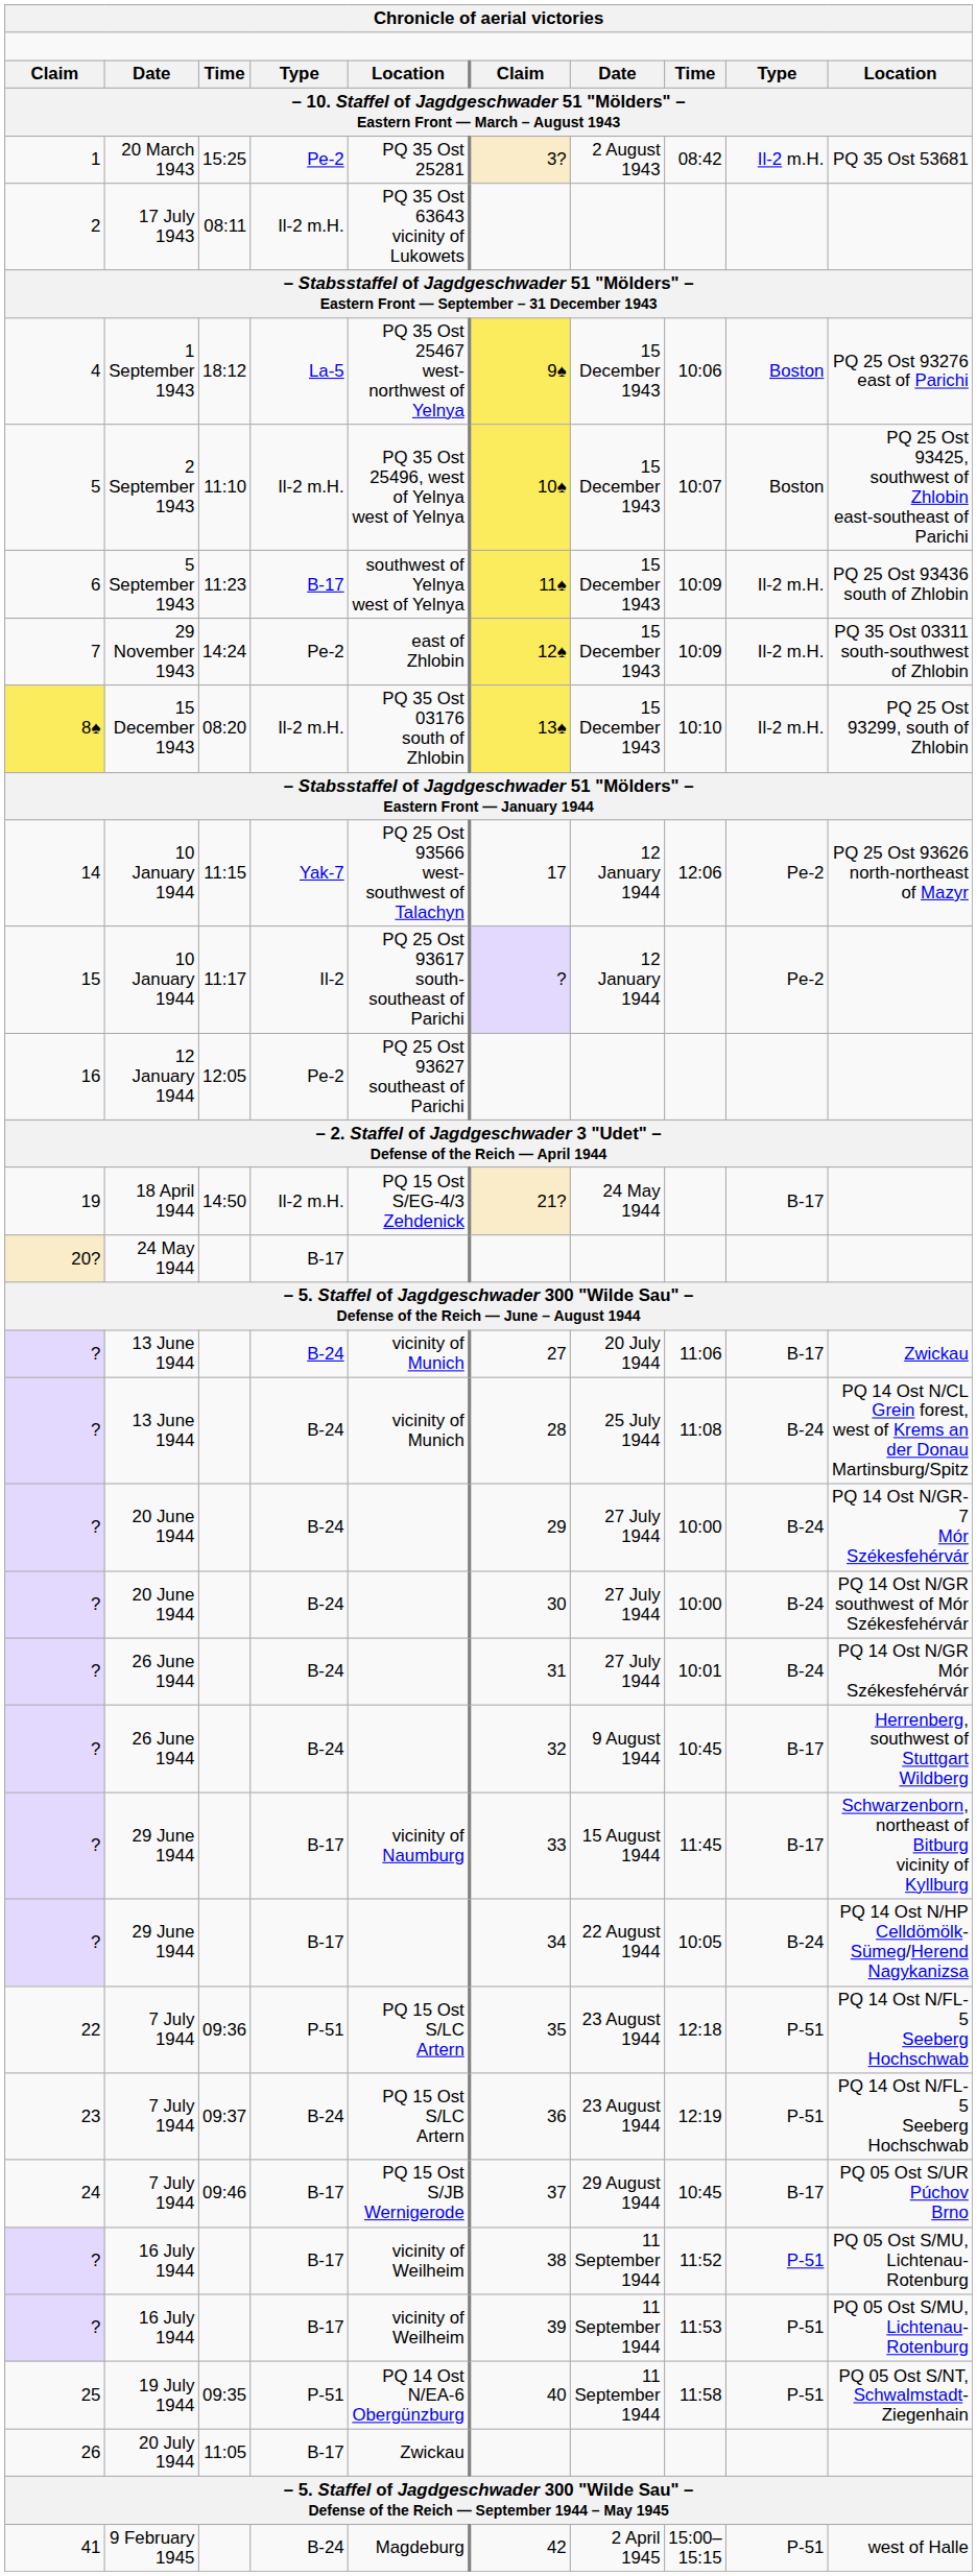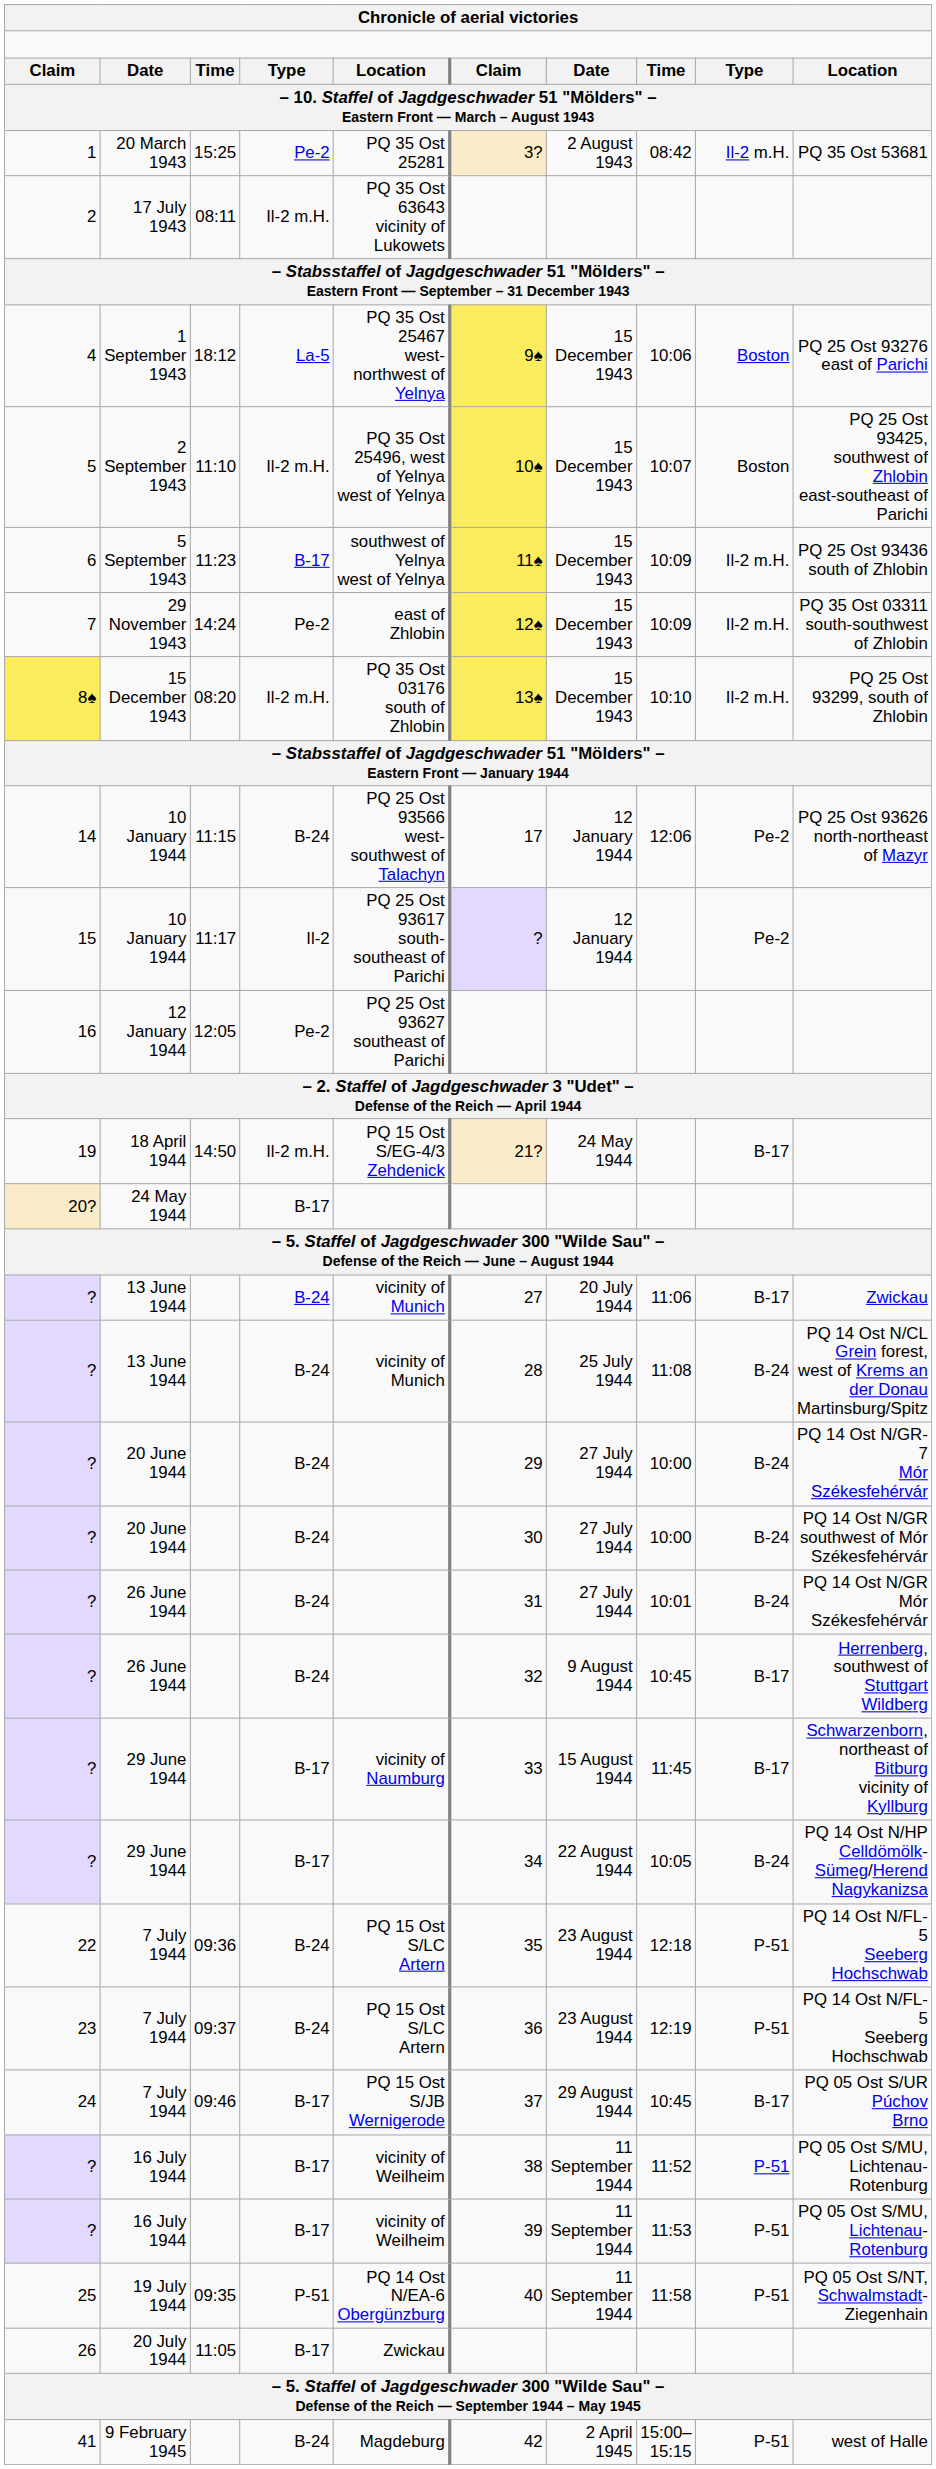 <table class="wikitable plainrowheaders collapsible" style="margin-left: auto; margin-right: auto; border: none; text-align:right; width: 100%;">
 <tr>
 <th colspan="10">Chronicle of aerial victories</th>
 </tr>
 <tr>
 <td colspan="10" style="text-align: left;"><br> </td>
 </tr>
 <tr>
 <th scope="col" width="100px">Claim</th>
 <th scope="col">Date</th>
 <th scope="col">Time</th>
 <th scope="col" width="100px">Type</th>
 <th scope="col">Location</th>
 <th scope="col" style="border-left: 3px solid grey;" width="100px">Claim</th>
 <th scope="col">Date</th>
 <th scope="col">Time</th>
 <th scope="col" width="100px">Type</th>
 <th scope="col">Location</th>
 </tr>
 <tr>
 <th colspan="10">– 10. <em>Staffel</em> of <em>Jagdgeschwader</em> 51 "Mölders" –<br><small>Eastern Front — March – August 1943</small></th>
 </tr>
 <tr>
 <td>1</td>
 <td>20 March 1943</td>
 <td>15:25</td>
 <td><a href='#'>Pe-2</a></td>
 <td>PQ 35 Ost 25281</td>
 <td style="border-left: 3px solid grey; background:#faecc8">3?</td>
 <td>2 August 1943</td>
 <td>08:42</td>
 <td><a href='#'>Il-2</a> m.H.</td>
 <td>PQ 35 Ost 53681</td>
 </tr>
 <tr>
 <td>2</td>
 <td>17 July 1943</td>
 <td>08:11</td>
 <td>Il-2 m.H.</td>
 <td>PQ 35 Ost 63643<br>vicinity of Lukowets</td>
 <td style="border-left: 3px solid grey;"></td>
 <td></td>
 <td></td>
 <td></td>
 <td></td>
 </tr>
 <tr>
 <th colspan="10">– <em>Stabsstaffel</em> of <em>Jagdgeschwader</em> 51 "Mölders" –<br><small>Eastern Front — September – 31 December 1943</small></th>
 </tr>
 <tr>
 <td>4</td>
 <td>1 September 1943</td>
 <td>18:12</td>
 <td><a href='#'>La-5</a></td>
 <td>PQ 35 Ost 25467<br> west-northwest of <a href='#'>Yelnya</a></td>
 <td style="border-left: 3px solid grey; background:#fbec5d;">9♠</td>
 <td>15 December 1943</td>
 <td>10:06</td>
 <td><a href='#'>Boston</a></td>
 <td>PQ 25 Ost 93276<br> east of <a href='#'>Parichi</a></td>
 </tr>
 <tr>
 <td>5</td>
 <td>2 September 1943</td>
 <td>11:10</td>
 <td>Il-2 m.H.</td>
 <td>PQ 35 Ost 25496, west of Yelnya<br> west of Yelnya</td>
 <td style="border-left: 3px solid grey; background:#fbec5d;">10♠</td>
 <td>15 December 1943</td>
 <td>10:07</td>
 <td>Boston</td>
 <td>PQ 25 Ost 93425, southwest of <a href='#'>Zhlobin</a><br> east-southeast of Parichi</td>
 </tr>
 <tr>
 <td>6</td>
 <td>5 September 1943</td>
 <td>11:23</td>
 <td><a href='#'>B-17</a></td>
 <td>southwest of Yelnya<br> west of Yelnya</td>
 <td style="border-left: 3px solid grey; background:#fbec5d;">11♠</td>
 <td>15 December 1943</td>
 <td>10:09</td>
 <td>Il-2 m.H.</td>
 <td>PQ 25 Ost 93436<br> south of Zhlobin</td>
 </tr>
 <tr>
 <td>7</td>
 <td>29 November 1943</td>
 <td>14:24</td>
 <td>Pe-2</td>
 <td> east of Zhlobin</td>
 <td style="border-left: 3px solid grey; background:#fbec5d;">12♠</td>
 <td>15 December 1943</td>
 <td>10:09</td>
 <td>Il-2 m.H.</td>
 <td>PQ 35 Ost 03311<br> south-southwest of Zhlobin</td>
 </tr>
 <tr>
 <td style="background:#fbec5d;">8♠</td>
 <td>15 December 1943</td>
 <td>08:20</td>
 <td>Il-2 m.H.</td>
 <td>PQ 35 Ost 03176<br> south of Zhlobin</td>
 <td style="border-left: 3px solid grey; background:#fbec5d;">13♠</td>
 <td>15 December 1943</td>
 <td>10:10</td>
 <td>Il-2 m.H.</td>
 <td>PQ 25 Ost 93299,  south of Zhlobin</td>
 </tr>
 <tr>
 <th colspan="10">– <em>Stabsstaffel</em> of <em>Jagdgeschwader</em> 51 "Mölders" –<br><small>Eastern Front — January 1944</small></th>
 </tr>
 <tr>
 <td>14</td>
 <td>10 January 1944</td>
 <td>11:15</td>
-<td><a href='#'>Yak-7</a></td>
+<td>B-24</td>
 <td>PQ 25 Ost 93566<br> west-southwest of <a href='#'>Talachyn</a></td>
 <td style="border-left: 3px solid grey;">17</td>
 <td>12 January 1944</td>
 <td>12:06</td>
 <td>Pe-2</td>
 <td>PQ 25 Ost 93626<br> north-northeast of <a href='#'>Mazyr</a></td>
 </tr>
 <tr>
 <td>15</td>
 <td>10 January 1944</td>
 <td>11:17</td>
 <td>Il-2</td>
 <td>PQ 25 Ost 93617<br> south-southeast of Parichi</td>
 <td style="border-left: 3px solid grey; background:#e3d9ff;">?</td>
 <td>12 January 1944</td>
 <td></td>
 <td>Pe-2</td>
 <td></td>
 </tr>
 <tr>
 <td>16</td>
 <td>12 January 1944</td>
 <td>12:05</td>
 <td>Pe-2</td>
 <td>PQ 25 Ost 93627<br> southeast of Parichi</td>
 <td style="border-left: 3px solid grey;"></td>
 <td></td>
 <td></td>
 <td></td>
 <td></td>
 </tr>
 <tr>
 <th colspan="10">– 2. <em>Staffel</em> of <em>Jagdgeschwader</em> 3 "Udet" –<br><small>Defense of the Reich — April 1944</small></th>
 </tr>
 <tr>
 <td>19</td>
 <td>18 April 1944</td>
 <td>14:50</td>
 <td>Il-2 m.H.</td>
 <td>PQ 15 Ost S/EG-4/3<br><a href='#'>Zehdenick</a></td>
 <td style="border-left: 3px solid grey; background:#faecc8">21?</td>
 <td>24 May 1944</td>
 <td></td>
 <td>B-17</td>
 <td></td>
 </tr>
 <tr>
 <td style="background:#faecc8">20?</td>
 <td>24 May 1944</td>
 <td></td>
 <td>B-17</td>
 <td></td>
 <td style="border-left: 3px solid grey;"></td>
 <td></td>
 <td></td>
 <td></td>
 <td></td>
 </tr>
 <tr>
 <th colspan="10">– 5. <em>Staffel</em> of <em>Jagdgeschwader</em> 300 "Wilde Sau" –<br><small>Defense of the Reich — June – August 1944</small></th>
 </tr>
 <tr>
 <td style="background:#e3d9ff;">?</td>
 <td>13 June 1944</td>
 <td></td>
 <td><a href='#'>B-24</a></td>
 <td>vicinity of <a href='#'>Munich</a></td>
 <td style="border-left: 3px solid grey;">27</td>
 <td>20 July 1944</td>
 <td>11:06</td>
 <td>B-17</td>
 <td><a href='#'>Zwickau</a></td>
 </tr>
 <tr>
 <td style="background:#e3d9ff;">?</td>
 <td>13 June 1944</td>
 <td></td>
 <td>B-24</td>
 <td>vicinity of Munich</td>
 <td style="border-left: 3px solid grey;">28</td>
 <td>25 July 1944</td>
 <td>11:08</td>
 <td>B-24</td>
 <td>PQ 14 Ost N/CL<br><a href='#'>Grein</a> forest, west of <a href='#'>Krems an der Donau</a><br>Martinsburg/Spitz</td>
 </tr>
 <tr>
 <td style="background:#e3d9ff;">?</td>
 <td>20 June 1944</td>
 <td></td>
 <td>B-24</td>
 <td></td>
 <td style="border-left: 3px solid grey;">29</td>
 <td>27 July 1944</td>
 <td>10:00</td>
 <td>B-24</td>
 <td>PQ 14 Ost N/GR-7<br><a href='#'>Mór</a><br><a href='#'>Székesfehérvár</a></td>
 </tr>
 <tr>
 <td style="background:#e3d9ff;">?</td>
 <td>20 June 1944</td>
 <td></td>
 <td>B-24</td>
 <td></td>
 <td style="border-left: 3px solid grey;">30</td>
 <td>27 July 1944</td>
 <td>10:00</td>
 <td>B-24</td>
 <td>PQ 14 Ost N/GR<br> southwest of Mór<br>Székesfehérvár</td>
 </tr>
 <tr>
 <td style="background:#e3d9ff;">?</td>
 <td>26 June 1944</td>
 <td></td>
 <td>B-24</td>
 <td></td>
 <td style="border-left: 3px solid grey;">31</td>
 <td>27 July 1944</td>
 <td>10:01</td>
 <td>B-24</td>
 <td>PQ 14 Ost N/GR<br>Mór<br>Székesfehérvár</td>
 </tr>
 <tr>
 <td style="background:#e3d9ff;">?</td>
 <td>26 June 1944</td>
 <td></td>
 <td>B-24</td>
 <td></td>
 <td style="border-left: 3px solid grey;">32</td>
 <td>9 August 1944</td>
 <td>10:45</td>
 <td>B-17</td>
 <td><a href='#'>Herrenberg</a>, southwest of <a href='#'>Stuttgart</a><br><a href='#'>Wildberg</a></td>
 </tr>
 <tr>
 <td style="background:#e3d9ff;">?</td>
 <td>29 June 1944</td>
 <td></td>
 <td>B-17</td>
 <td>vicinity of <a href='#'>Naumburg</a></td>
 <td style="border-left: 3px solid grey;">33</td>
 <td>15 August 1944</td>
 <td>11:45</td>
 <td>B-17</td>
 <td><a href='#'>Schwarzenborn</a>, northeast of <a href='#'>Bitburg</a><br>vicinity of <a href='#'>Kyllburg</a></td>
 </tr>
 <tr>
 <td style="background:#e3d9ff;">?</td>
 <td>29 June 1944</td>
 <td></td>
 <td>B-17</td>
 <td></td>
 <td style="border-left: 3px solid grey;">34</td>
 <td>22 August 1944</td>
 <td>10:05</td>
 <td>B-24</td>
 <td>PQ 14 Ost N/HP<br><a href='#'>Celldömölk</a>-<a href='#'>Sümeg</a>/<a href='#'>Herend</a><br><a href='#'>Nagykanizsa</a></td>
 </tr>
 <tr>
 <td>22</td>
 <td>7 July 1944</td>
 <td>09:36</td>
-<td>P-51</td>
+<td>B-24</td>
 <td>PQ 15 Ost S/LC<br><a href='#'>Artern</a></td>
 <td style="border-left: 3px solid grey;">35</td>
 <td>23 August 1944</td>
 <td>12:18</td>
 <td>P-51</td>
 <td>PQ 14 Ost N/FL-5<br><a href='#'>Seeberg</a><br><a href='#'>Hochschwab</a></td>
 </tr>
 <tr>
 <td>23</td>
 <td>7 July 1944</td>
 <td>09:37</td>
 <td>B-24</td>
 <td>PQ 15 Ost S/LC<br>Artern</td>
 <td style="border-left: 3px solid grey;">36</td>
 <td>23 August 1944</td>
 <td>12:19</td>
 <td>P-51</td>
 <td>PQ 14 Ost N/FL-5<br>Seeberg<br>Hochschwab</td>
 </tr>
 <tr>
 <td>24</td>
 <td>7 July 1944</td>
 <td>09:46</td>
 <td>B-17</td>
 <td>PQ 15 Ost S/JB<br><a href='#'>Wernigerode</a></td>
 <td style="border-left: 3px solid grey;">37</td>
 <td>29 August 1944</td>
 <td>10:45</td>
 <td>B-17</td>
 <td>PQ 05 Ost S/UR<br><a href='#'>Púchov</a><br><a href='#'>Brno</a></td>
 </tr>
 <tr>
 <td style="background:#e3d9ff;">?</td>
 <td>16 July 1944</td>
 <td></td>
 <td>B-17</td>
 <td>vicinity of Weilheim</td>
 <td style="border-left: 3px solid grey;">38</td>
 <td>11 September 1944</td>
 <td>11:52</td>
 <td><a href='#'>P-51</a></td>
 <td>PQ 05 Ost S/MU, Lichtenau-Rotenburg</td>
 </tr>
 <tr>
 <td style="background:#e3d9ff;">?</td>
 <td>16 July 1944</td>
 <td></td>
 <td>B-17</td>
 <td>vicinity of Weilheim</td>
 <td style="border-left: 3px solid grey;">39</td>
 <td>11 September 1944</td>
 <td>11:53</td>
 <td>P-51</td>
 <td>PQ 05 Ost S/MU, <a href='#'>Lichtenau</a>-<a href='#'>Rotenburg</a></td>
 </tr>
 <tr>
 <td>25</td>
 <td>19 July 1944</td>
 <td>09:35</td>
 <td>P-51</td>
 <td>PQ 14 Ost N/EA-6<br><a href='#'>Obergünzburg</a></td>
 <td style="border-left: 3px solid grey;">40</td>
 <td>11 September 1944</td>
 <td>11:58</td>
 <td>P-51</td>
 <td>PQ 05 Ost S/NT, <a href='#'>Schwalmstadt</a>-Ziegenhain</td>
 </tr>
 <tr>
 <td>26</td>
 <td>20 July 1944</td>
 <td>11:05</td>
 <td>B-17</td>
 <td>Zwickau</td>
 <td style="border-left: 3px solid grey;"></td>
 <td></td>
 <td></td>
 <td></td>
 <td></td>
 </tr>
 <tr>
 <th colspan="10">– 5. <em>Staffel</em> of <em>Jagdgeschwader</em> 300 "Wilde Sau" –<br><small>Defense of the Reich — September 1944 – May 1945</small></th>
 </tr>
 <tr>
 <td>41</td>
 <td>9 February 1945</td>
 <td></td>
 <td>B-24</td>
 <td>Magdeburg</td>
 <td style="border-left: 3px solid grey;">42</td>
 <td>2 April 1945</td>
 <td>15:00–15:15</td>
 <td>P-51</td>
 <td>west of Halle</td>
 </tr>
 </table>
